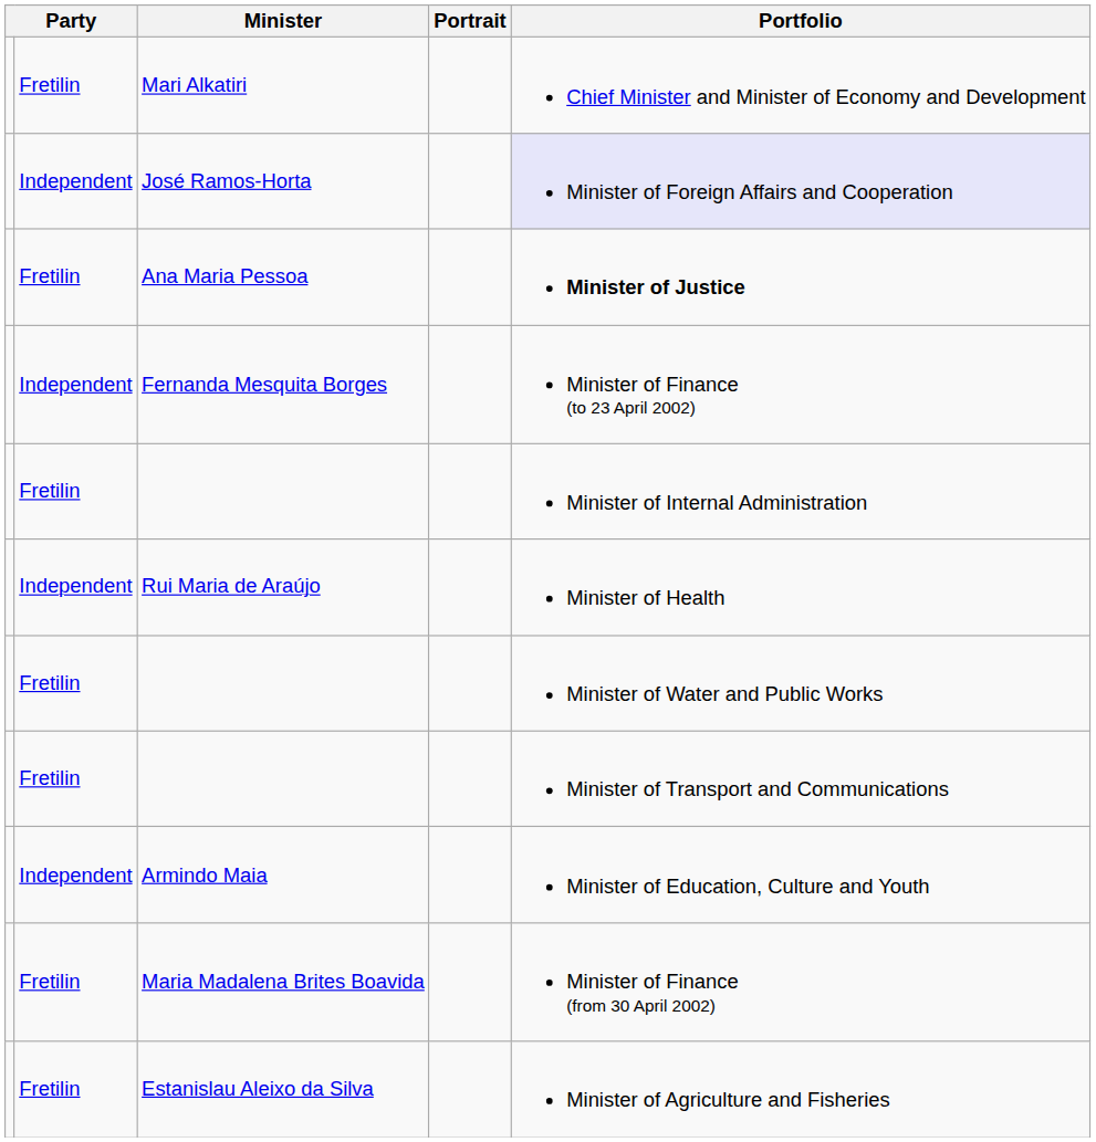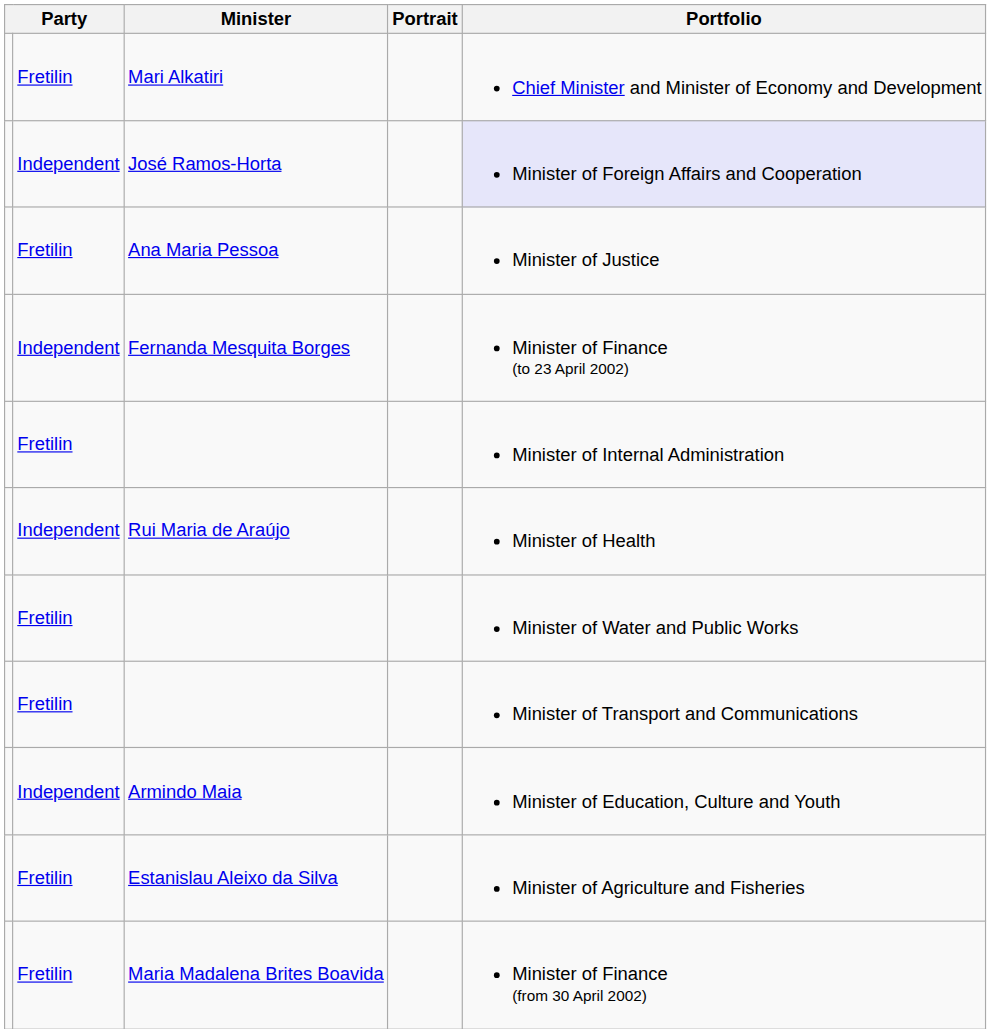 <table class="wikitable sortable">
 <tr>
 <th colspan="2">Party</th>
 <th>Minister</th>
 <th>Portrait</th>
 <th>Portfolio</th>
 </tr>
 <tr>
 <td style="background:"></td>
 <td><a href='#'>Fretilin</a></td>
 <td><a href='#'>Mari Alkatiri</a></td>
 <td></td>
 <td><br><ul><li><a href='#'>Chief Minister</a> and Minister of Economy and Development</li></ul></td>
 </tr>
 <tr>
 <td style="background:"></td>
 <td><a href='#'>Independent</a></td>
 <td><a href='#'>José Ramos-Horta</a></td>
 <td></td>
 <td style="background: lavender;"><br><ul><li>Minister of Foreign Affairs and Cooperation</li></ul></td>
 </tr>
 <tr>
 <td style="background:"></td>
 <td><a href='#'>Fretilin</a></td>
 <td><a href='#'>Ana Maria Pessoa</a></td>
 <td></td>
-<td><strong><br><ul><li>Minister of Justice</li></ul></strong></td>
+<td><br><ul><li>Minister of Justice</li></ul></td>
 </tr>
 <tr>
 <td style="background:"></td>
 <td><a href='#'>Independent</a></td>
 <td><a href='#'>Fernanda Mesquita Borges</a></td>
 <td></td>
 <td><br><ul><li>Minister of Finance<br><small>(to 23 April 2002)</small></li></ul></td>
 </tr>
 <tr>
 <td style="background:"></td>
 <td><a href='#'>Fretilin</a></td>
 <td></td>
 <td></td>
 <td><br><ul><li>Minister of Internal Administration</li></ul></td>
 </tr>
 <tr>
 <td style="background:"></td>
 <td><a href='#'>Independent</a></td>
 <td><a href='#'>Rui Maria de Araújo</a></td>
 <td></td>
 <td><br><ul><li>Minister of Health</li></ul></td>
 </tr>
 <tr>
 <td style="background:"></td>
 <td><a href='#'>Fretilin</a></td>
 <td></td>
 <td></td>
 <td><br><ul><li>Minister of Water and Public Works</li></ul></td>
 </tr>
 <tr>
 <td style="background:"></td>
 <td><a href='#'>Fretilin</a></td>
 <td></td>
 <td></td>
 <td><br><ul><li>Minister of Transport and Communications</li></ul></td>
 </tr>
 <tr>
 <td style="background:"></td>
 <td><a href='#'>Independent</a></td>
 <td><a href='#'>Armindo Maia</a></td>
 <td></td>
 <td><br><ul><li>Minister of Education, Culture and Youth</li></ul></td>
 </tr>
 <tr>
 <td style="background:"></td>
 <td><a href='#'>Fretilin</a></td>
+<td><a href='#'>Estanislau Aleixo da Silva</a></td>
+<td></td>
+<td><br><ul><li>Minister of Agriculture and Fisheries</li></ul></td>
+</tr>
+<tr>
+<td style="background:"></td>
+<td><a href='#'>Fretilin</a></td>
 <td><a href='#'>Maria Madalena Brites Boavida</a></td>
 <td></td>
 <td><br><ul><li>Minister of Finance<br><small>(from 30 April 2002)</small></li></ul></td>
 </tr>
-<tr>
-<td style="background:"></td>
-<td><a href='#'>Fretilin</a></td>
-<td><a href='#'>Estanislau Aleixo da Silva</a></td>
-<td></td>
-<td><br><ul><li>Minister of Agriculture and Fisheries</li></ul></td>
-</tr>
 </table>
